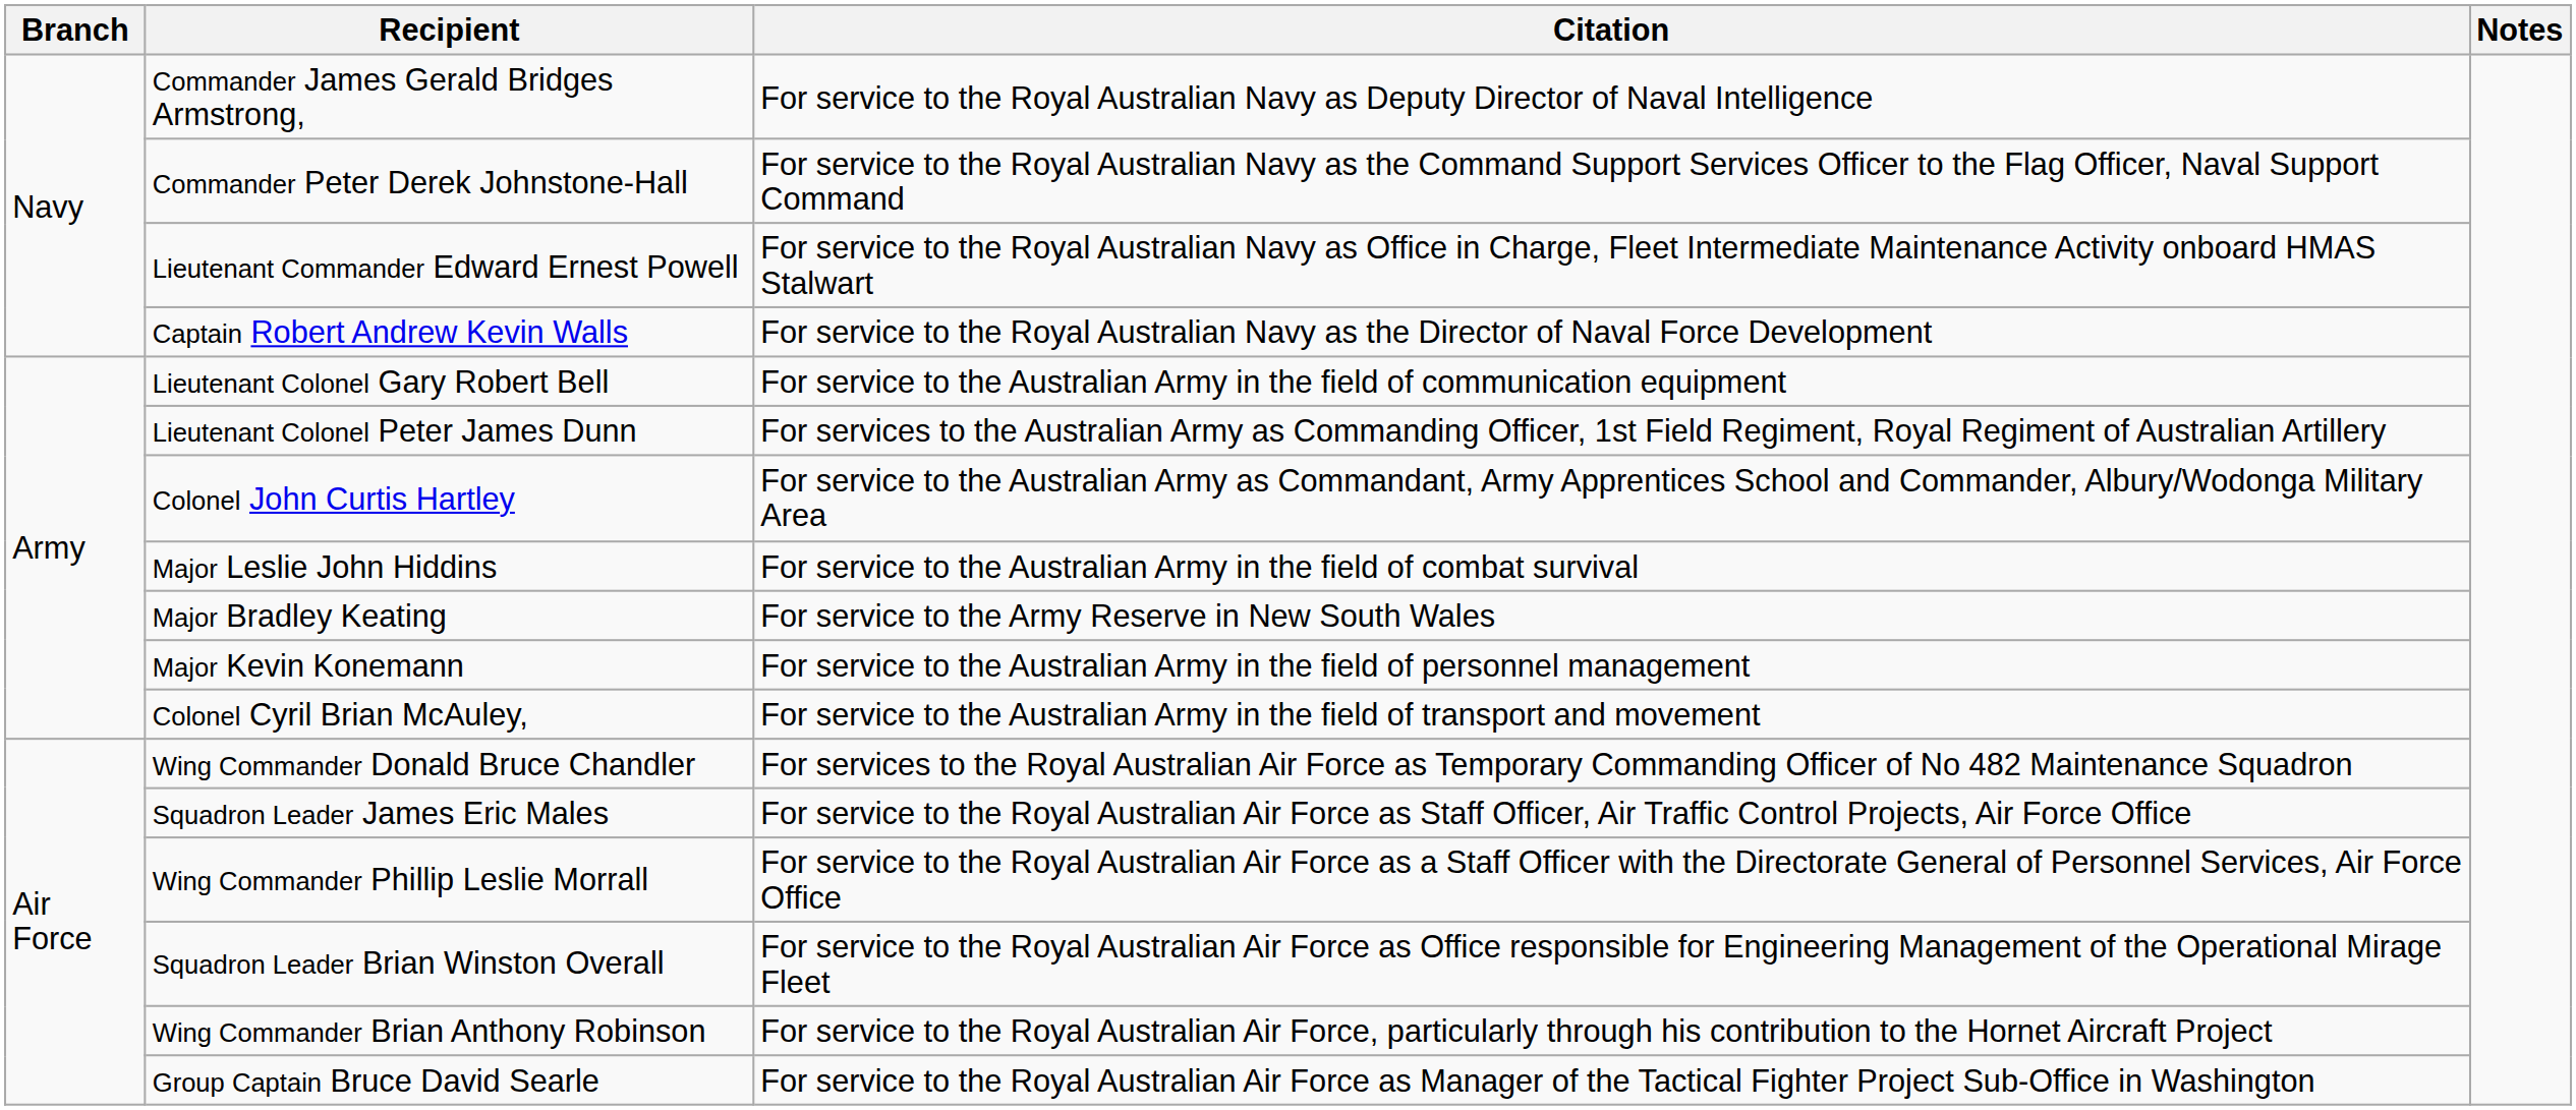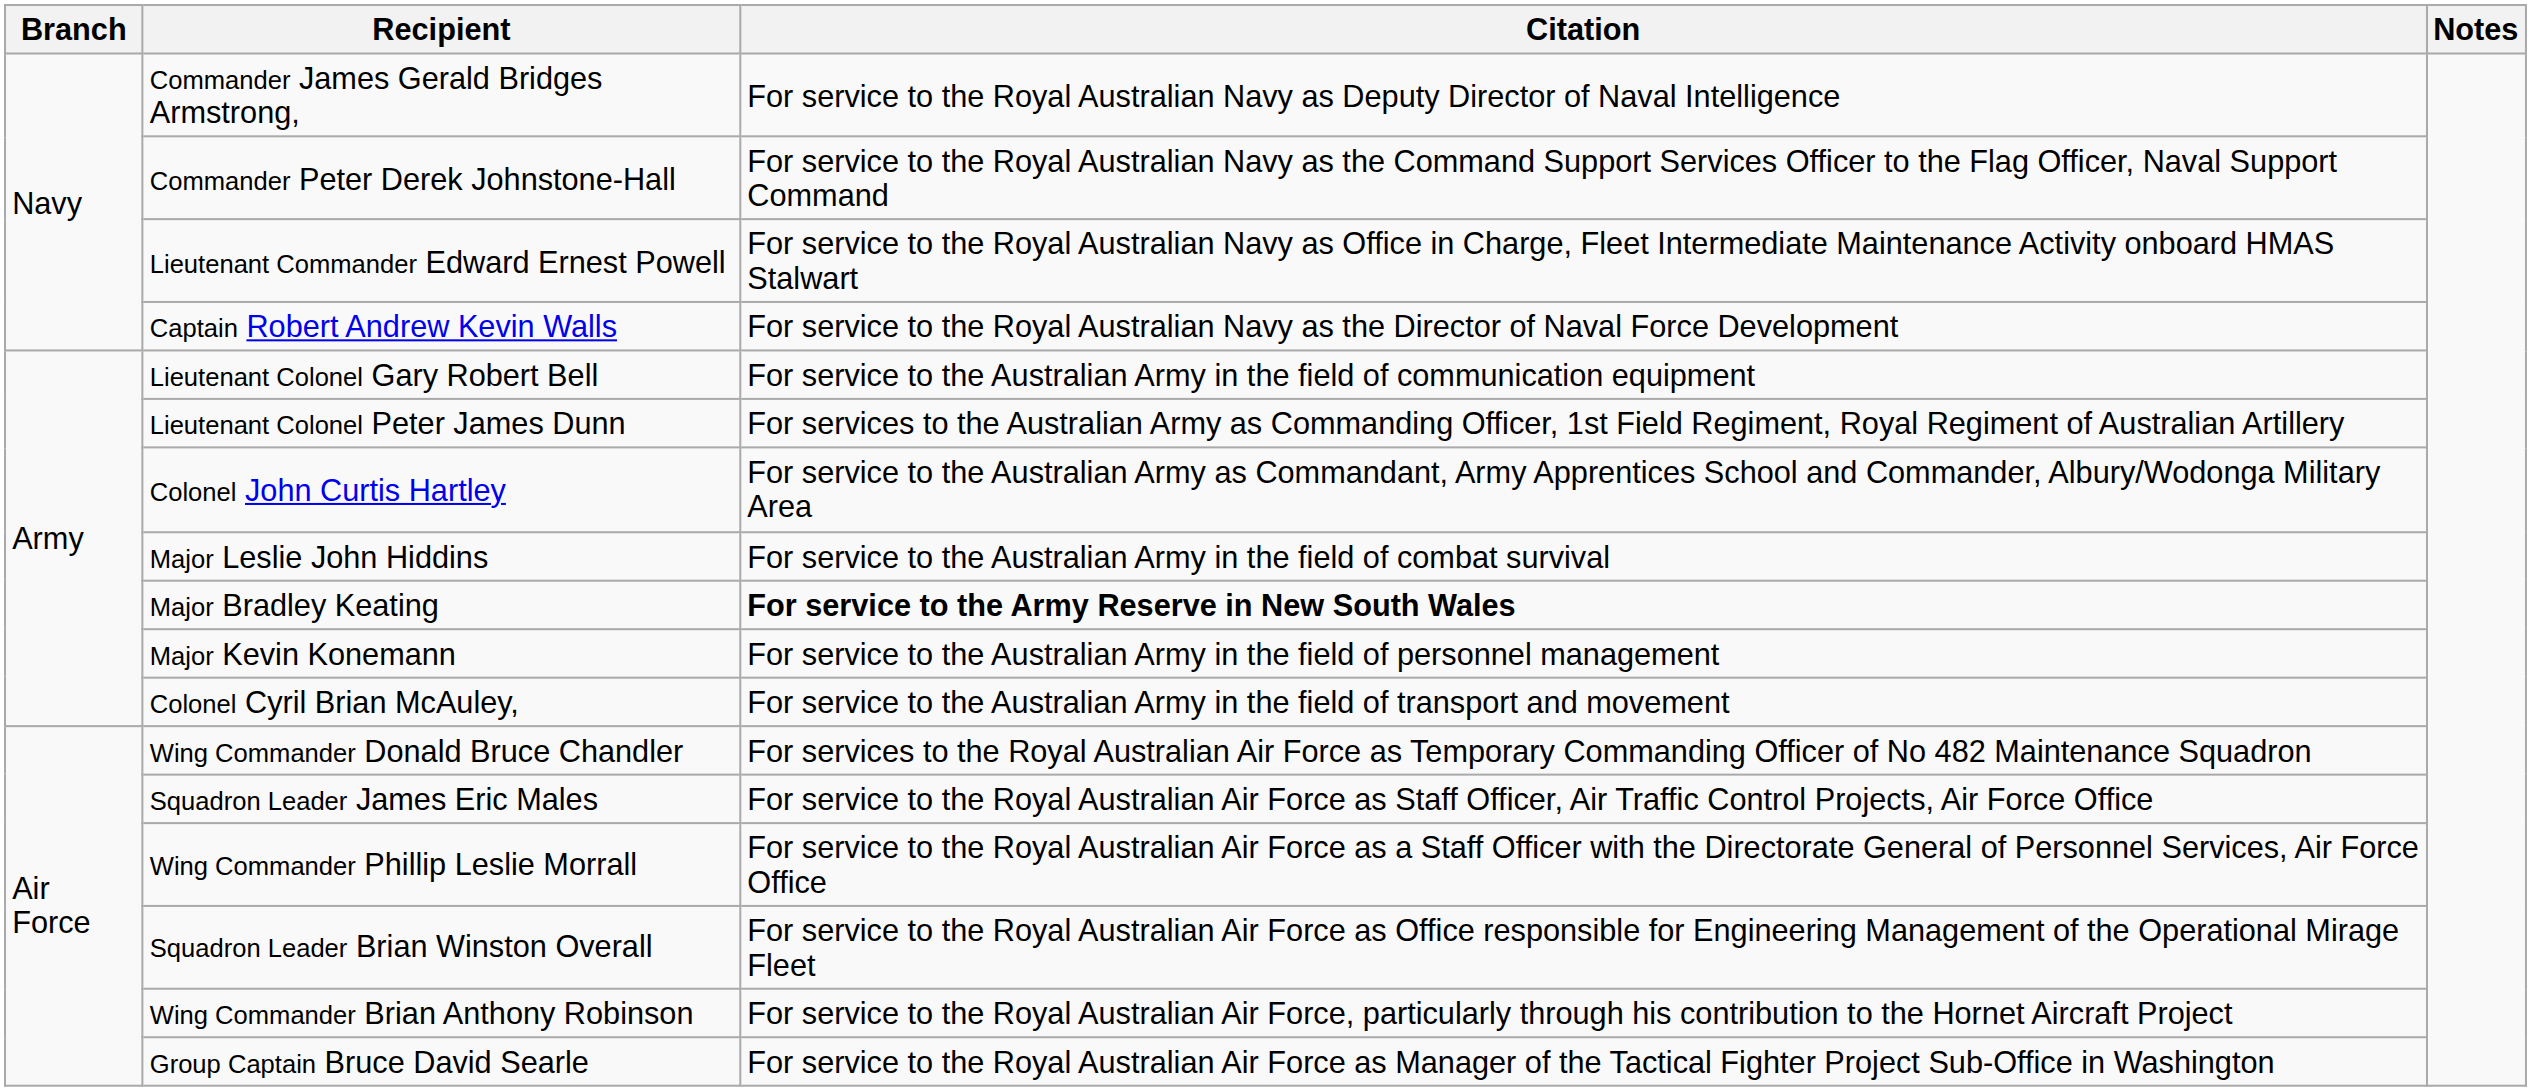 <table class="wikitable" style="font-size:95%;">
 <tr>
 <th>Branch</th>
 <th>Recipient</th>
 <th>Citation</th>
 <th>Notes</th>
 </tr>
 <tr>
 <td rowspan="4">Navy</td>
 <td><small>Commander</small> James Gerald Bridges Armstrong, </td>
 <td>For service to the Royal Australian Navy as Deputy Director of Naval Intelligence</td>
 <td rowspan="17"></td>
 </tr>
 <tr>
 <td><small>Commander</small> Peter Derek Johnstone-Hall</td>
 <td>For service to the Royal Australian Navy as the Command Support Services Officer to the Flag Officer, Naval Support Command</td>
 </tr>
 <tr>
 <td><small>Lieutenant Commander</small> Edward Ernest Powell</td>
 <td>For service to the Royal Australian Navy as Office in Charge, Fleet Intermediate Maintenance Activity onboard HMAS Stalwart</td>
 </tr>
 <tr>
 <td><small>Captain</small> <a href='#'>Robert Andrew Kevin Walls</a></td>
 <td>For service to the Royal Australian Navy as the Director of Naval Force Development</td>
 </tr>
 <tr>
 <td rowspan="7">Army</td>
 <td><small>Lieutenant Colonel</small> Gary Robert Bell</td>
 <td>For service to the Australian Army in the field of communication equipment</td>
 </tr>
 <tr>
 <td><small>Lieutenant Colonel</small> Peter James Dunn</td>
 <td>For services to the Australian Army as Commanding Officer, 1st Field Regiment, Royal Regiment of Australian Artillery</td>
 </tr>
 <tr>
 <td><small>Colonel</small> <a href='#'>John Curtis Hartley</a></td>
 <td>For service to the Australian Army as Commandant, Army Apprentices School and Commander, Albury/Wodonga Military Area</td>
 </tr>
 <tr>
 <td><small>Major</small> Leslie John Hiddins</td>
 <td>For service to the Australian Army in the field of combat survival</td>
 </tr>
 <tr>
 <td><small>Major</small> Bradley Keating</td>
-<td>For service to the Army Reserve in New South Wales</td>
+<td><strong>For service to the Army Reserve in New South Wales</strong></td>
 </tr>
 <tr>
 <td><small>Major</small> Kevin Konemann</td>
 <td>For service to the Australian Army in the field of personnel management</td>
 </tr>
 <tr>
 <td><small>Colonel</small> Cyril Brian McAuley, </td>
 <td>For service to the Australian Army in the field of transport and movement</td>
 </tr>
 <tr>
 <td rowspan="6">Air Force</td>
 <td><small>Wing Commander</small> Donald Bruce Chandler</td>
 <td>For services to the Royal Australian Air Force as Temporary Commanding Officer of No 482 Maintenance Squadron</td>
 </tr>
 <tr>
 <td><small>Squadron Leader</small> James Eric Males</td>
 <td>For service to the Royal Australian Air Force as Staff Officer, Air Traffic Control Projects, Air Force Office</td>
 </tr>
 <tr>
 <td><small>Wing Commander</small> Phillip Leslie Morrall</td>
 <td>For service to the Royal Australian Air Force as a Staff Officer with the Directorate General of Personnel Services, Air Force Office</td>
 </tr>
 <tr>
 <td><small>Squadron Leader</small> Brian Winston Overall</td>
 <td>For service to the Royal Australian Air Force as Office responsible for Engineering Management of the Operational Mirage Fleet</td>
 </tr>
 <tr>
 <td><small>Wing Commander</small> Brian Anthony Robinson</td>
 <td>For service to the Royal Australian Air Force, particularly through his contribution to the Hornet Aircraft Project</td>
 </tr>
 <tr>
 <td><small>Group Captain</small> Bruce David Searle</td>
 <td>For service to the Royal Australian Air Force as Manager of the Tactical Fighter Project Sub-Office in Washington</td>
 </tr>
 </table>
